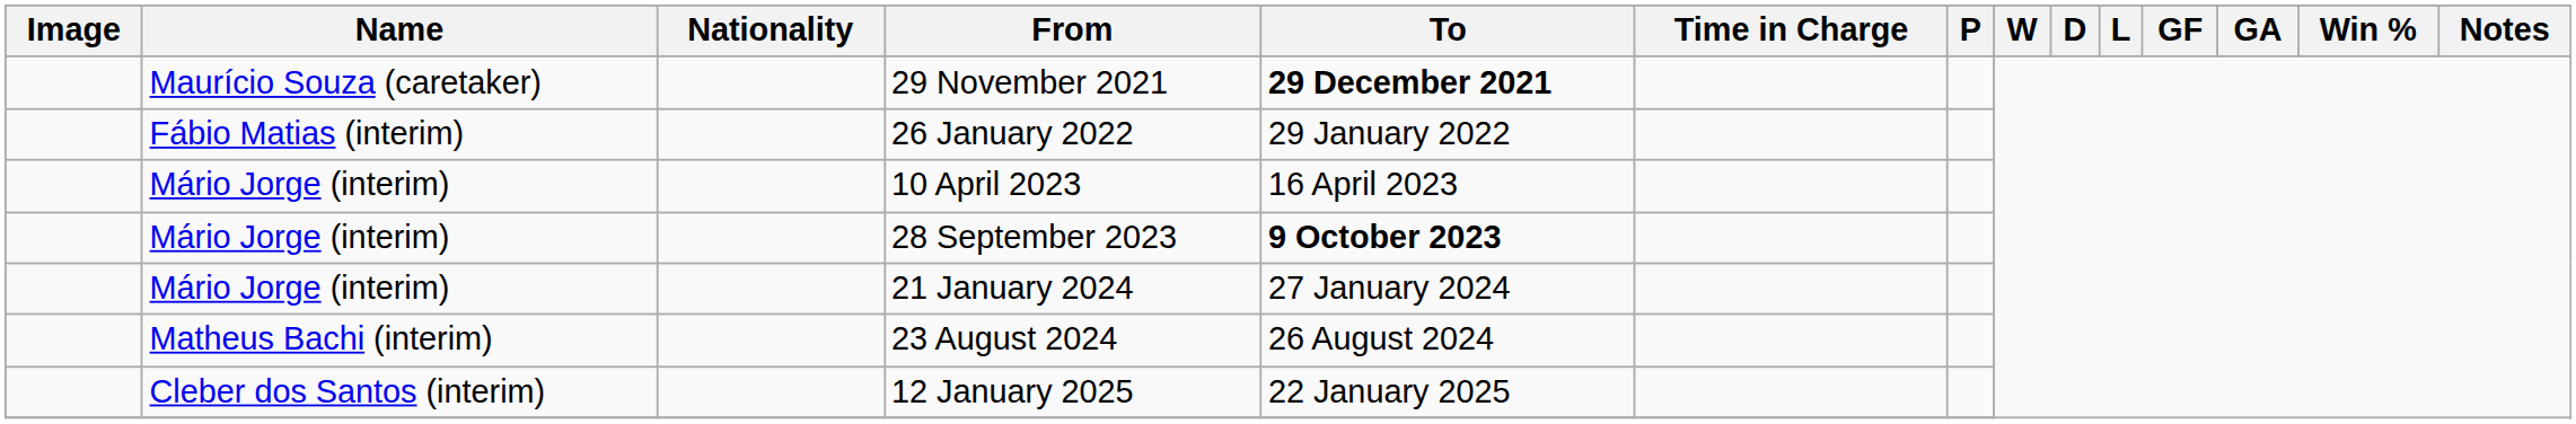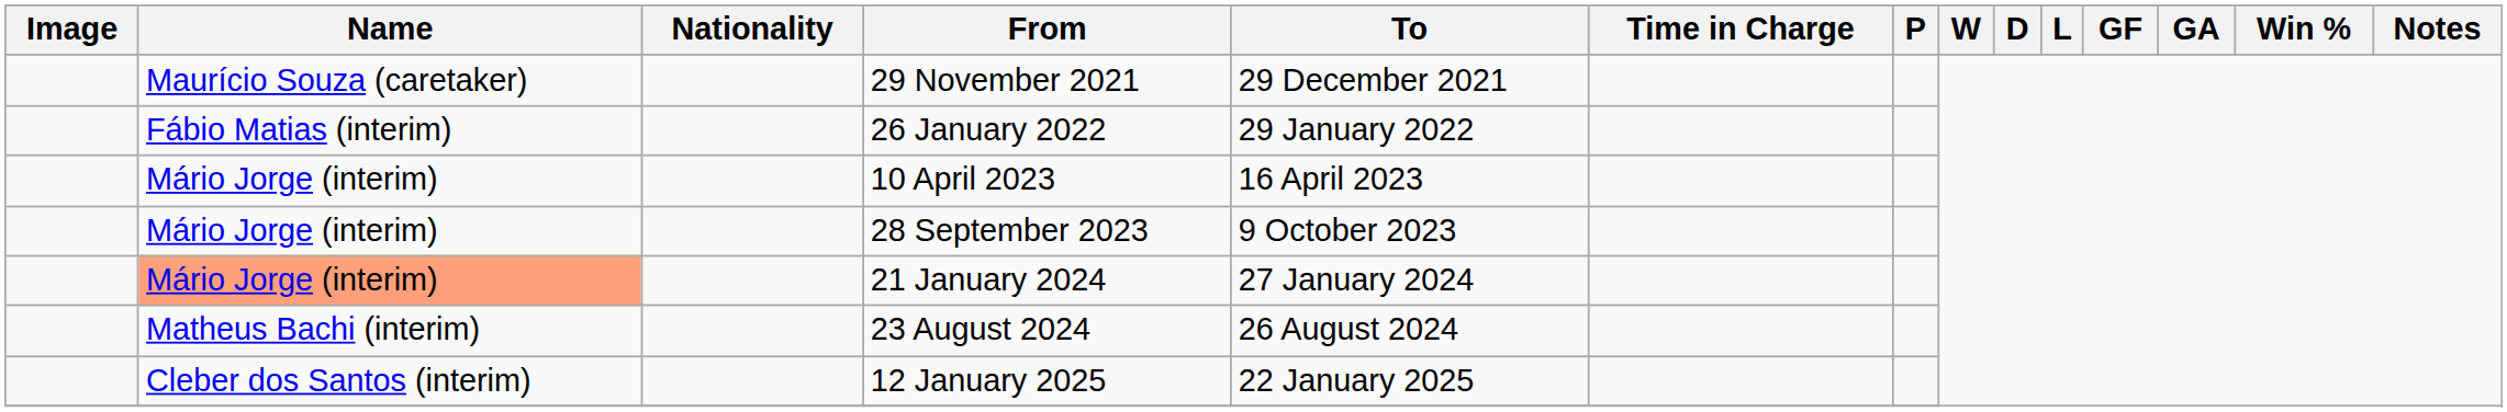 <table class="wikitable sortable" style="width:100%; text-align:left; font-size:100%; text-align:left;">
 <tr>
 <th scope="col">Image</th>
 <th>Name</th>
 <th>Nationality</th>
 <th>From</th>
 <th>To</th>
 <th>Time in Charge</th>
 <th>P</th>
 <th>W</th>
 <th>D</th>
 <th>L</th>
 <th>GF</th>
 <th>GA</th>
 <th>Win %</th>
 <th>Notes</th>
 </tr>
 <tr>
 <td></td>
 <td><a href='#'>Maurício Souza</a> (caretaker)</td>
 <td></td>
 <td>29 November 2021</td>
-<td><strong>29 December 2021</strong></td>
+<td>29 December 2021</td>
 <td><br></td>
 <td></td>
 </tr>
 <tr>
 <td></td>
 <td><a href='#'>Fábio Matias</a> (interim)</td>
 <td></td>
 <td>26 January 2022</td>
 <td>29 January 2022</td>
 <td><br></td>
 <td></td>
 </tr>
 <tr>
 <td></td>
 <td><a href='#'>Mário Jorge</a> (interim)</td>
 <td></td>
 <td>10 April 2023</td>
 <td>16 April 2023</td>
 <td><br></td>
 <td></td>
 </tr>
 <tr>
 <td></td>
 <td><a href='#'>Mário Jorge</a> (interim)</td>
 <td></td>
 <td>28 September 2023</td>
-<td><strong>9 October 2023</strong></td>
+<td>9 October 2023</td>
 <td><br></td>
 <td></td>
 </tr>
 <tr>
 <td></td>
-<td><a href='#'>Mário Jorge</a> (interim)</td>
+<td style="background: lightsalmon;"><a href='#'>Mário Jorge</a> (interim)</td>
 <td></td>
 <td>21 January 2024</td>
 <td>27 January 2024</td>
 <td><br></td>
 <td></td>
 </tr>
 <tr>
 <td></td>
 <td><a href='#'>Matheus Bachi</a> (interim)</td>
 <td></td>
 <td>23 August 2024</td>
 <td>26 August 2024</td>
 <td><br></td>
 <td></td>
 </tr>
 <tr>
 <td></td>
 <td><a href='#'>Cleber dos Santos</a> (interim)</td>
 <td></td>
 <td>12 January 2025</td>
 <td>22 January 2025</td>
 <td><br></td>
 <td></td>
 </tr>
 <tr>
 </tr>
 </table>
